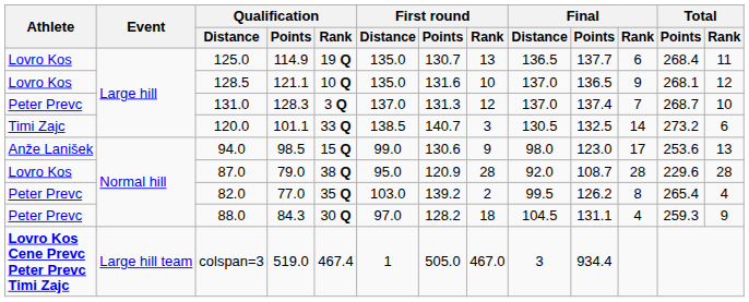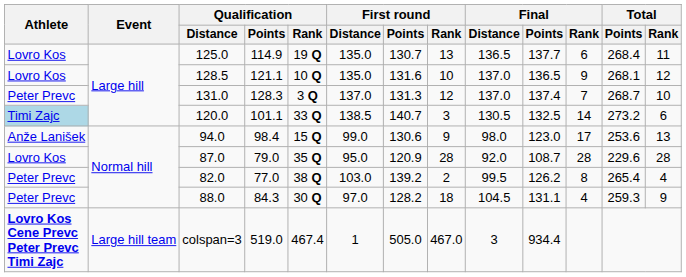 <table class="wikitable" style="font-size:90%">
 <tr>
 <th rowspan=2>Athlete</th>
 <th rowspan=2>Event</th>
 <th colspan=3>Qualification</th>
 <th colspan=3>First round</th>
 <th colspan=3>Final</th>
 <th colspan=2>Total</th>
 </tr>
 <tr style="font-size:95%">
 <th>Distance</th>
 <th>Points</th>
 <th>Rank</th>
 <th>Distance</th>
 <th>Points</th>
 <th>Rank</th>
 <th>Distance</th>
 <th>Points</th>
 <th>Rank</th>
 <th>Points</th>
 <th>Rank</th>
 </tr>
 <tr align=center>
 <td align=left><a href='#'>Lovro Kos</a></td>
 <td align=left rowspan=4><a href='#'>Large hill</a></td>
 <td>125.0</td>
 <td>114.9</td>
 <td>19 <strong>Q</strong></td>
 <td>135.0</td>
 <td>130.7</td>
 <td>13</td>
 <td>136.5</td>
 <td>137.7</td>
 <td>6</td>
 <td>268.4</td>
 <td>11</td>
 </tr>
 <tr align=center>
 <td align=left><a href='#'>Lovro Kos</a></td>
 <td>128.5</td>
 <td>121.1</td>
 <td>10 <strong>Q</strong></td>
 <td>135.0</td>
 <td>131.6</td>
 <td>10</td>
 <td>137.0</td>
 <td>136.5</td>
 <td>9</td>
 <td>268.1</td>
 <td>12</td>
 </tr>
 <tr align=center>
 <td align=left><a href='#'>Peter Prevc</a></td>
 <td>131.0</td>
 <td>128.3</td>
 <td>3 <strong>Q</strong></td>
 <td>137.0</td>
 <td>131.3</td>
 <td>12</td>
 <td>137.0</td>
 <td>137.4</td>
 <td>7</td>
 <td>268.7</td>
 <td>10</td>
 </tr>
 <tr align=center>
-<td align=left><a href='#'>Timi Zajc</a></td>
+<td align=left style="background: lightblue;"><a href='#'>Timi Zajc</a></td>
 <td>120.0</td>
 <td>101.1</td>
 <td>33 <strong>Q</strong></td>
 <td>138.5</td>
 <td>140.7</td>
 <td>3</td>
 <td>130.5</td>
 <td>132.5</td>
 <td>14</td>
 <td>273.2</td>
 <td>6</td>
 </tr>
 <tr align=center>
 <td align=left><a href='#'>Anže Lanišek</a></td>
 <td align=left rowspan=4><a href='#'>Normal hill</a></td>
 <td>94.0</td>
-<td>98.5</td>
+<td>98.4</td>
 <td>15 <strong>Q</strong></td>
 <td>99.0</td>
 <td>130.6</td>
 <td>9</td>
 <td>98.0</td>
 <td>123.0</td>
 <td>17</td>
 <td>253.6</td>
 <td>13</td>
 </tr>
 <tr align=center>
 <td align=left><a href='#'>Lovro Kos</a></td>
 <td>87.0</td>
 <td>79.0</td>
-<td>38 <strong>Q</strong></td>
+<td>35 <strong>Q</strong></td>
 <td>95.0</td>
 <td>120.9</td>
 <td>28</td>
 <td>92.0</td>
 <td>108.7</td>
 <td>28</td>
 <td>229.6</td>
 <td>28</td>
 </tr>
 <tr align=center>
 <td align=left><a href='#'>Peter Prevc</a></td>
 <td>82.0</td>
 <td>77.0</td>
-<td>35 <strong>Q</strong></td>
+<td>38 <strong>Q</strong></td>
 <td>103.0</td>
 <td>139.2</td>
 <td>2</td>
 <td>99.5</td>
 <td>126.2</td>
 <td>8</td>
 <td>265.4</td>
 <td>4</td>
 </tr>
 <tr align=center>
 <td align=left><a href='#'>Peter Prevc</a></td>
 <td>88.0</td>
 <td>84.3</td>
 <td>30 <strong>Q</strong></td>
 <td>97.0</td>
 <td>128.2</td>
 <td>18</td>
 <td>104.5</td>
 <td>131.1</td>
 <td>4</td>
 <td>259.3</td>
 <td>9</td>
 </tr>
 <tr align=center>
 <td align=left><strong><a href='#'>Lovro Kos</a><br><a href='#'>Cene Prevc</a><br><a href='#'>Peter Prevc</a><br><a href='#'>Timi Zajc</a></strong></td>
 <td align=left><a href='#'>Large hill team</a></td>
 <td>colspan=3 </td>
 <td>519.0</td>
 <td>467.4</td>
 <td>1</td>
 <td>505.0</td>
 <td>467.0</td>
 <td>3</td>
 <td>934.4</td>
 <td></td>
 </tr>
 </table>
